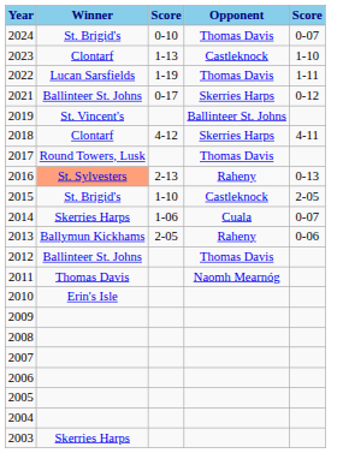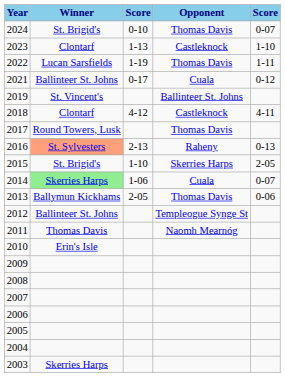 <table class="wikitable" style="text-align:center;">
 <tr>
 <th style="background:skyblue;color:navy;">Year</th>
 <th style="background:skyblue;color:navy;">Winner</th>
 <th style="background:skyblue;color:navy;">Score</th>
 <th style="background:skyblue;color:navy;">Opponent</th>
 <th style="background:skyblue;color:navy;">Score</th>
 </tr>
 <tr>
 <td>2024</td>
 <td><a href='#'>St. Brigid's</a></td>
 <td>0-10</td>
 <td><a href='#'>Thomas Davis</a></td>
 <td>0-07</td>
 </tr>
 <tr>
 <td>2023</td>
 <td><a href='#'>Clontarf</a></td>
 <td>1-13</td>
 <td><a href='#'>Castleknock</a></td>
 <td>1-10</td>
 </tr>
 <tr>
 <td>2022</td>
 <td><a href='#'>Lucan Sarsfields</a></td>
 <td>1-19</td>
 <td><a href='#'>Thomas Davis</a></td>
 <td>1-11</td>
 </tr>
 <tr>
 <td>2021</td>
 <td><a href='#'>Ballinteer St. Johns</a></td>
 <td>0-17</td>
-<td><a href='#'>Skerries Harps</a></td>
+<td><a href='#'>Cuala</a></td>
 <td>0-12</td>
 </tr>
 <tr>
 <td>2019</td>
 <td><a href='#'>St. Vincent's</a></td>
 <td></td>
 <td><a href='#'>Ballinteer St. Johns</a></td>
 <td></td>
 </tr>
 <tr>
 <td>2018</td>
 <td><a href='#'>Clontarf</a></td>
 <td>4-12</td>
-<td><a href='#'>Skerries Harps</a></td>
+<td><a href='#'>Castleknock</a></td>
 <td>4-11</td>
 </tr>
 <tr>
 <td>2017</td>
 <td><a href='#'>Round Towers, Lusk</a></td>
 <td></td>
 <td><a href='#'>Thomas Davis</a></td>
 <td></td>
 </tr>
 <tr>
 <td>2016</td>
 <td style="background: lightsalmon;"><a href='#'>St. Sylvesters</a></td>
 <td>2-13</td>
 <td><a href='#'>Raheny</a></td>
 <td>0-13</td>
 </tr>
 <tr>
 <td>2015</td>
 <td><a href='#'>St. Brigid's</a></td>
 <td>1-10</td>
-<td><a href='#'>Castleknock</a></td>
+<td><a href='#'>Skerries Harps</a></td>
 <td>2-05</td>
 </tr>
 <tr>
 <td>2014</td>
-<td><a href='#'>Skerries Harps</a></td>
+<td style="background: lightgreen;"><a href='#'>Skerries Harps</a></td>
 <td>1-06</td>
 <td><a href='#'>Cuala</a></td>
 <td>0-07</td>
 </tr>
 <tr>
 <td>2013</td>
 <td><a href='#'>Ballymun Kickhams</a></td>
 <td>2-05</td>
-<td><a href='#'>Raheny</a></td>
+<td><a href='#'>Thomas Davis</a></td>
 <td>0-06</td>
 </tr>
 <tr>
 <td>2012</td>
 <td><a href='#'>Ballinteer St. Johns</a></td>
 <td></td>
-<td><a href='#'>Thomas Davis</a></td>
+<td><a href='#'>Templeogue Synge St</a></td>
 <td></td>
 </tr>
 <tr>
 <td>2011</td>
 <td><a href='#'>Thomas Davis</a></td>
 <td></td>
 <td><a href='#'>Naomh Mearnóg</a></td>
 <td></td>
 </tr>
 <tr>
 <td>2010</td>
 <td><a href='#'>Erin's Isle</a></td>
 <td></td>
 <td></td>
 <td></td>
 </tr>
 <tr>
 <td>2009</td>
 <td></td>
 <td></td>
 <td></td>
 <td></td>
 </tr>
 <tr>
 <td>2008</td>
 <td></td>
 <td></td>
 <td></td>
 <td></td>
 </tr>
 <tr>
 <td>2007</td>
 <td></td>
 <td></td>
 <td></td>
 <td></td>
 </tr>
 <tr>
 <td>2006</td>
 <td></td>
 <td></td>
 <td></td>
 <td></td>
 </tr>
 <tr>
 <td>2005</td>
 <td></td>
 <td></td>
 <td></td>
 <td></td>
 </tr>
 <tr>
 <td>2004</td>
 <td></td>
 <td></td>
 <td></td>
 <td></td>
 </tr>
 <tr>
 <td>2003</td>
 <td><a href='#'>Skerries Harps</a></td>
 <td></td>
 <td></td>
 <td></td>
 </tr>
 </table>
